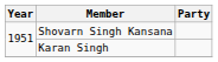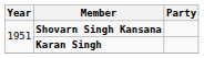 <table class="wikitable sortable">
 <tr>
 <th>Year</th>
 <th>Member</th>
 <th colspan="2">Party</th>
 </tr>
 <tr>
 <td rowspan= 2>1951</td>
-<td>Shovarn Singh Kansana</td>
+<td><strong>Shovarn Singh Kansana</strong></td>
 <td></td>
 </tr>
 <tr>
-<td>Karan Singh</td>
+<td><strong>Karan Singh</strong></td>
 <td></td>
 </tr>
 <tr>
 </tr>
 </table>
